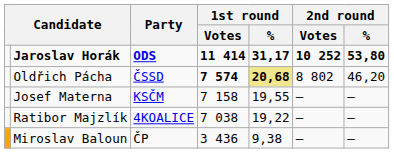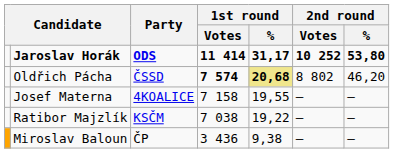 <table class="wikitable sortable">
 <tr>
 <th colspan="2" rowspan="2">Candidate</th>
 <th rowspan="2">Party</th>
 <th colspan="2">1st round</th>
 <th colspan="2">2nd round</th>
 </tr>
 <tr>
 <th>Votes</th>
 <th>%</th>
 <th>Votes</th>
 <th>%</th>
 </tr>
 <tr>
 <td style="background-color:"></td>
 <td><strong>Jaroslav Horák</strong></td>
 <td><a href='#'><strong>ODS</strong></a></td>
 <td><strong>11 414</strong></td>
 <td><strong>31,17</strong></td>
 <td><strong>10 252</strong></td>
 <td><strong>53,80</strong></td>
 </tr>
 <tr>
 <td style="background-color:"></td>
 <td>Oldřich Pácha</td>
 <td><a href='#'>ČSSD</a></td>
 <td><strong>7 574</strong></td>
 <td style="background: khaki;"><strong>20,68</strong></td>
 <td>8 802</td>
 <td>46,20</td>
 </tr>
 <tr>
 <td style="background-color:"></td>
 <td>Josef Materna</td>
-<td><a href='#'>KSČM</a></td>
+<td><a href='#'>4KOALICE</a></td>
 <td>7 158</td>
 <td>19,55</td>
 <td>—</td>
 <td>—</td>
 </tr>
 <tr>
 <td style="background-color:"></td>
 <td>Ratibor Majzlík</td>
-<td><a href='#'>4KOALICE</a></td>
+<td><a href='#'>KSČM</a></td>
 <td>7 038</td>
 <td>19,22</td>
 <td>—</td>
 <td>—</td>
 </tr>
 <tr>
 <td style="background-color:orange"></td>
 <td>Miroslav Baloun</td>
 <td>ČP</td>
 <td>3 436</td>
 <td>9,38</td>
 <td>—</td>
 <td>—</td>
 </tr>
 </table>
